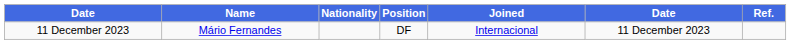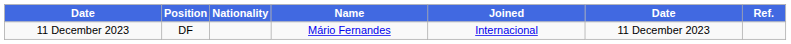 <table class="wikitable"  style="text-align:center; font-size:90%; ">
 <tr>
 <th style="background:#4169E1; color:white; width:200px;">Date</th>
+<th style="background:#4169E1; color:white; width:50px;">Position</th>
+<th style="background:#4169E1; color:white; width:50px;">Nationality</th>
 <th style="background:#4169E1; color:white; width:200px;">Name</th>
-<th style="background:#4169E1; color:white; width:50px;">Nationality</th>
-<th style="background:#4169E1; color:white; width:50px;">Position</th>
 <th style="background:#4169E1; color:white; width:200px;">Joined</th>
 <th style="background:#4169E1; color:white; width:200px;">Date</th>
 <th style="background:#4169E1; color:white; width:50px;">Ref.</th>
 </tr>
 <tr>
 <td>11 December 2023</td>
+<td>DF</td>
+<td></td>
 <td><a href='#'>Mário Fernandes</a></td>
-<td></td>
-<td>DF</td>
 <td><a href='#'>Internacional</a></td>
 <td>11 December 2023</td>
 <td></td>
 </tr>
 </table>
